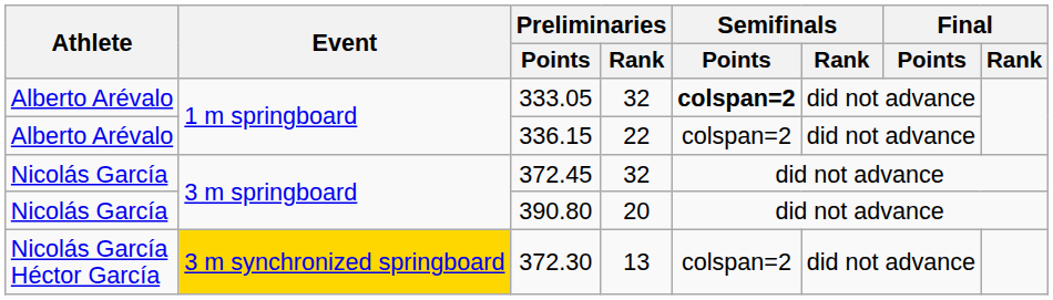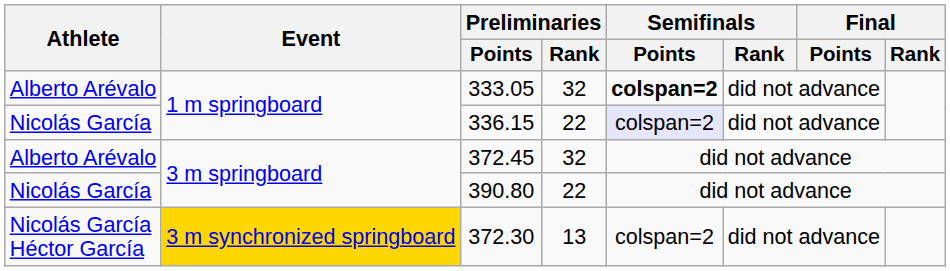 <table class=wikitable style="font-size:90%;">
 <tr>
 <th rowspan="2">Athlete</th>
 <th rowspan="2">Event</th>
 <th colspan="2">Preliminaries</th>
 <th colspan="2">Semifinals</th>
 <th colspan="2">Final</th>
 </tr>
 <tr style="font-size:95%">
 <th>Points</th>
 <th>Rank</th>
 <th>Points</th>
 <th>Rank</th>
 <th>Points</th>
 <th>Rank</th>
 </tr>
 <tr align=center>
 <td align=left><a href='#'>Alberto Arévalo</a></td>
 <td align=left rowspan=2><a href='#'>1 m springboard</a></td>
 <td>333.05</td>
 <td>32</td>
 <td><strong>colspan=2 </strong></td>
 <td colspan=2>did not advance</td>
 </tr>
 <tr align=center>
-<td align=left><a href='#'>Alberto Arévalo</a></td>
+<td align=left><a href='#'>Nicolás García</a></td>
 <td>336.15</td>
 <td>22</td>
-<td>colspan=2 </td>
+<td style="background: lavender;">colspan=2 </td>
 <td colspan=2>did not advance</td>
 </tr>
 <tr align=center>
-<td align=left><a href='#'>Nicolás García</a></td>
+<td align=left><a href='#'>Alberto Arévalo</a></td>
 <td align=left rowspan=2><a href='#'>3 m springboard</a></td>
 <td>372.45</td>
 <td>32</td>
 <td colspan=4>did not advance</td>
 </tr>
 <tr align=center>
 <td align=left><a href='#'>Nicolás García</a></td>
 <td>390.80</td>
-<td>20</td>
+<td>22</td>
 <td colspan=4>did not advance</td>
 </tr>
 <tr align=center>
 <td align=left><a href='#'>Nicolás García</a><br><a href='#'>Héctor García</a></td>
 <td align=left style="background: gold;"><a href='#'>3 m synchronized springboard</a></td>
 <td>372.30</td>
 <td>13</td>
 <td>colspan=2 </td>
 <td colspan=2>did not advance</td>
 </tr>
 </table>
